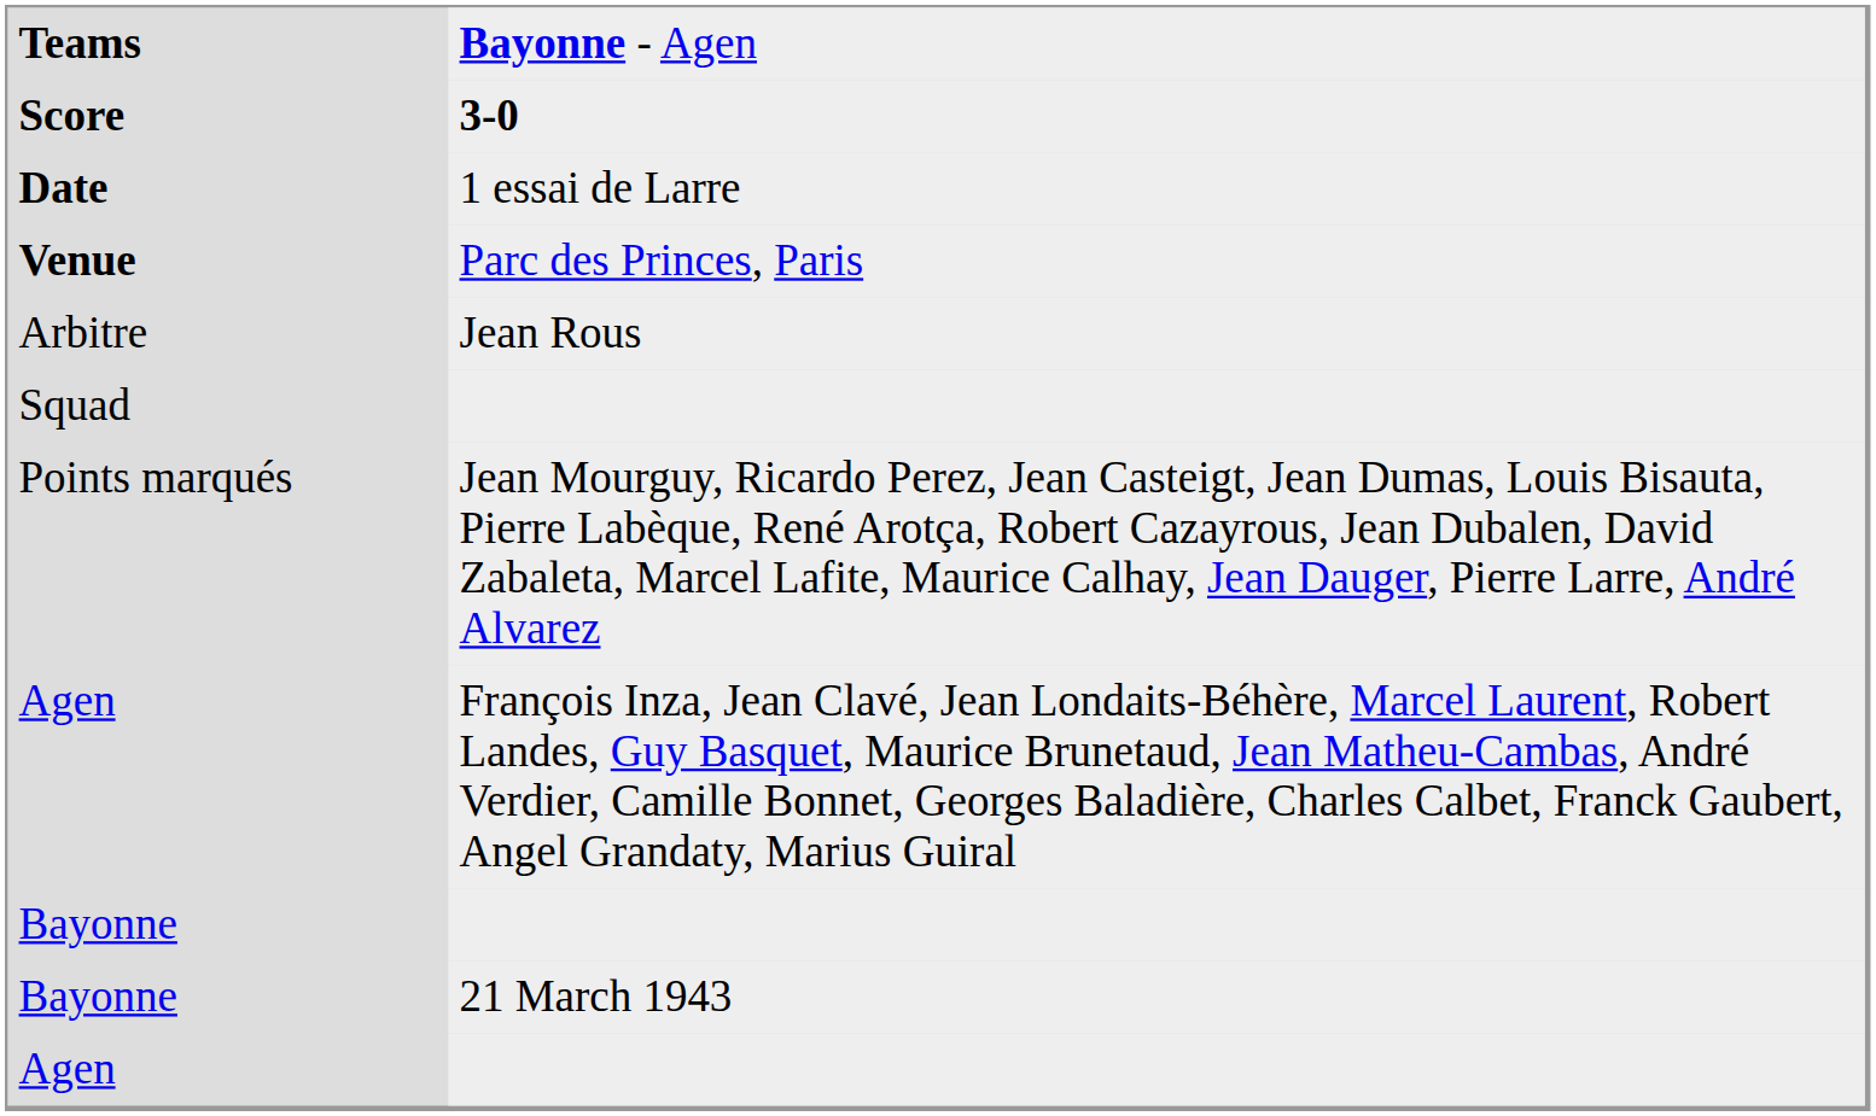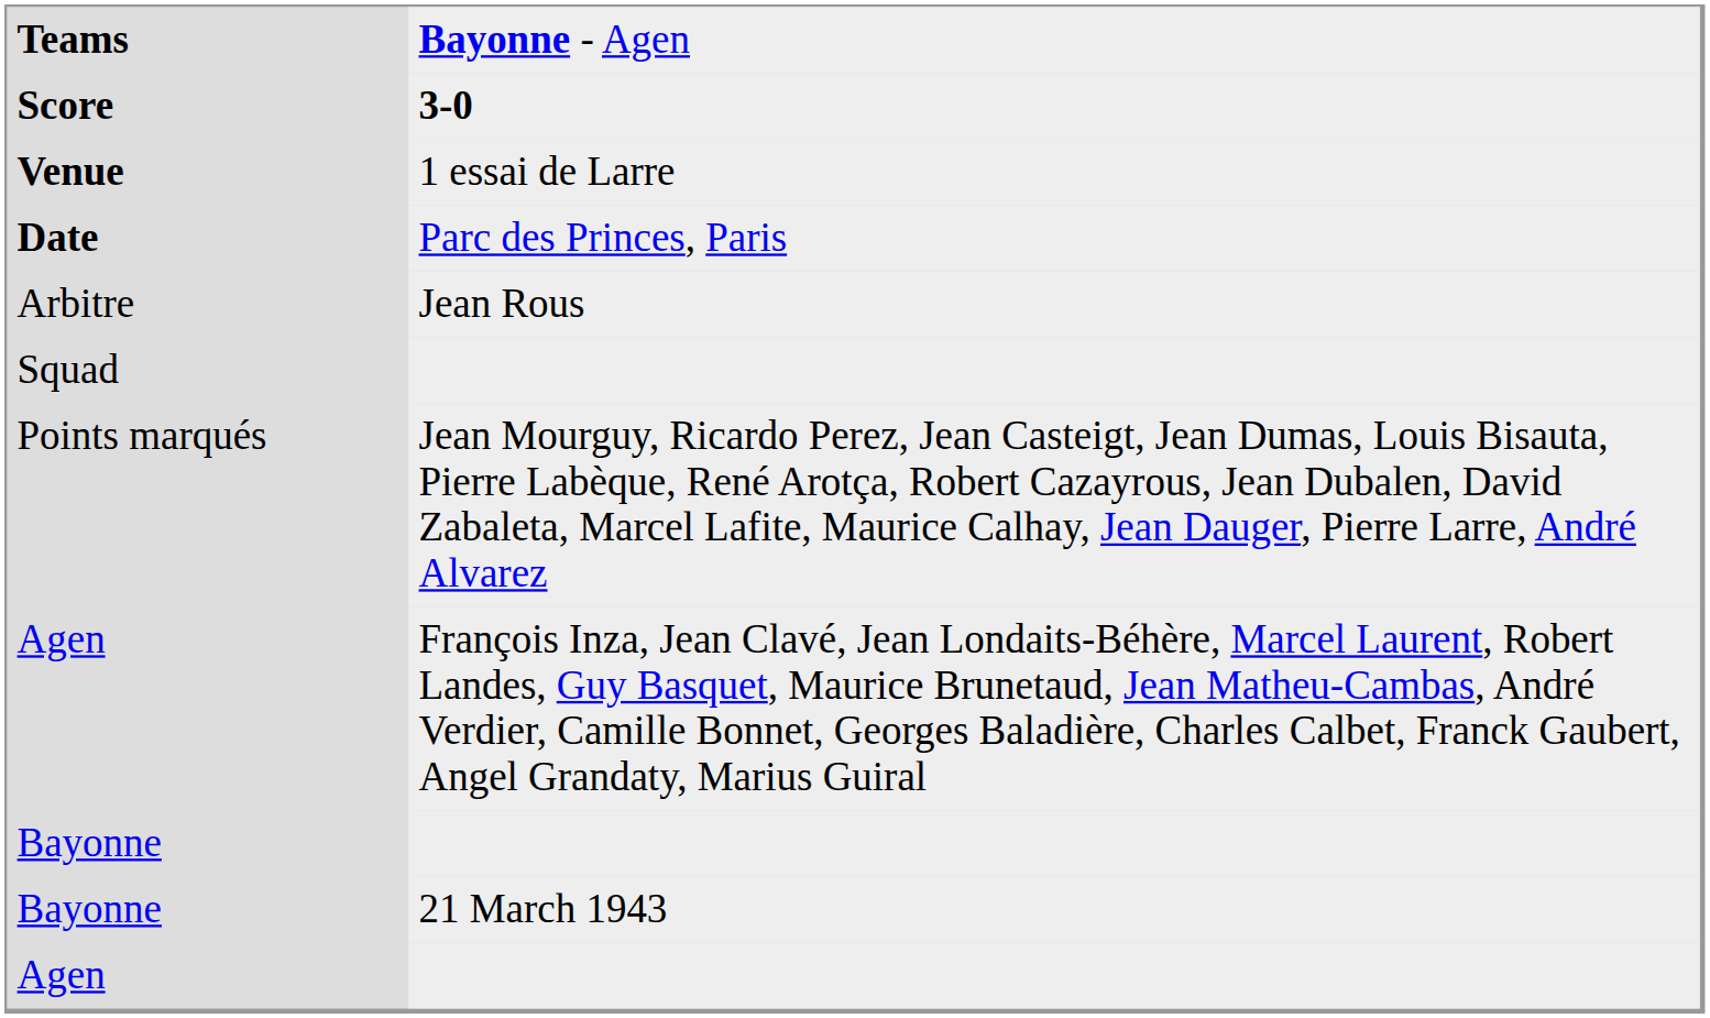 <table align="left" cellpadding="4" cellspacing="0"  style="margin: 0 0 0 0; border: 1px solid #999; border-right-width: 2px; border-bottom-width: 2px; background-color: #DDDDDD">
 <tr>
 <td width="150" valign="top"><strong>Teams</strong></td>
 <td width="500" bgcolor=#EEEEEE><strong><a href='#'>Bayonne</a></strong> - <a href='#'>Agen</a></td>
 </tr>
 <tr>
 <td valign="top"><strong>Score</strong></td>
 <td bgcolor=#EEEEEE><strong>3-0</strong></td>
 </tr>
 <tr>
-<td valign="top"><strong>Date</strong></td>
+<td valign="top"><strong>Venue<em></td>
 <td bgcolor=#EEEEEE>1 essai de Larre</td>
 </tr>
 <tr>
-<td valign="top"><strong>Venue<em></td>
+<td valign="top"><strong>Date</strong></td>
 <td bgcolor=#EEEEEE><a href='#'>Parc des Princes</a>, <a href='#'>Paris</a></td>
 </tr>
 <tr>
 <td valign="top"></strong>Arbitre<strong></td>
 <td bgcolor=#EEEEEE>Jean Rous</td>
 </tr>
 <tr>
 <td valign="top"></strong>Squad<strong></td>
 <td bgcolor=#EEEEEE></td>
 </tr>
 <tr>
 <td valign="top"></strong>Points marqués<strong></td>
 <td bgcolor=#EEEEEE>Jean Mourguy, Ricardo Perez, Jean Casteigt, Jean Dumas, Louis Bisauta, Pierre Labèque, René Arotça, Robert Cazayrous, Jean Dubalen, David Zabaleta, Marcel Lafite, Maurice Calhay, <a href='#'>Jean Dauger</a>, Pierre Larre, <a href='#'>André Alvarez</a></td>
 </tr>
 <tr>
 <td valign="top"></strong><a href='#'>Agen</a> <strong></td>
 <td bgcolor=#EEEEEE>François Inza, Jean Clavé, Jean Londaits-Béhère, <a href='#'>Marcel Laurent</a>, Robert Landes, <a href='#'>Guy Basquet</a>, Maurice Brunetaud, <a href='#'>Jean Matheu-Cambas</a>, André Verdier, Camille Bonnet, Georges Baladière, Charles Calbet, Franck Gaubert, Angel Grandaty, Marius Guiral</td>
 </tr>
 <tr>
 <td valign="top"></strong><a href='#'>Bayonne</a> <strong></td>
 <td bgcolor=#EEEEEE></td>
 </tr>
 <tr>
 <td valign="top"></strong><a href='#'>Bayonne</a> <strong></td>
 <td bgcolor=#EEEEEE>21 March 1943</td>
 </tr>
 <tr>
 <td valign="top"></strong><a href='#'>Agen</a> <strong></td>
 <td bgcolor=#EEEEEE></td>
 </tr>
 </table>
